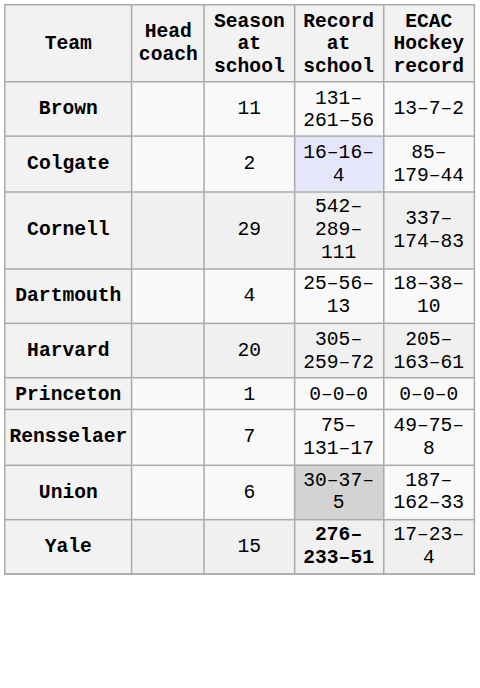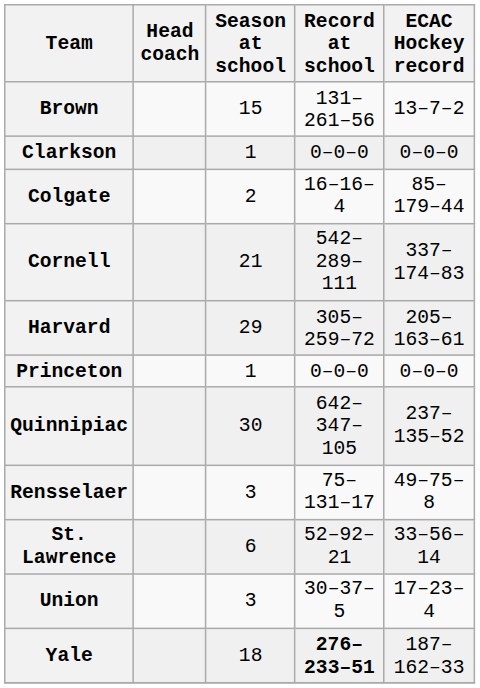 <table class="wikitable sortable" style="text-align: center; "width=50%">
 <tr>
 <th>Team</th>
 <th>Head coach</th>
 <th>Season at school</th>
 <th>Record at school</th>
 <th>ECAC Hockey record</th>
 </tr>
 <tr>
 <th>Brown</th>
 <td></td>
-<td>11</td>
+<td>15</td>
 <td>131–261–56</td>
 <td>13–7–2</td>
+</tr>
+<tr bgcolor=f0f0f0>
+<th>Clarkson</th>
+<td></td>
+<td>1</td>
+<td>0–0–0</td>
+<td>0–0–0</td>
 </tr>
 <tr>
 <th>Colgate</th>
 <td></td>
 <td>2</td>
-<td style="background: lavender;">16–16–4</td>
+<td>16–16–4</td>
 <td>85–179–44</td>
 </tr>
 <tr bgcolor=f0f0f0>
 <th>Cornell</th>
 <td></td>
-<td>29</td>
+<td>21</td>
 <td>542–289–111</td>
 <td>337–174–83</td>
-</tr>
-<tr>
-<th>Dartmouth</th>
-<td></td>
-<td>4</td>
-<td>25–56–13</td>
-<td>18–38–10</td>
 </tr>
 <tr bgcolor=f0f0f0>
 <th>Harvard</th>
 <td></td>
-<td>20</td>
+<td>29</td>
 <td>305–259–72</td>
 <td>205–163–61</td>
 </tr>
 <tr>
 <th>Princeton</th>
 <td></td>
 <td>1</td>
 <td>0–0–0</td>
 <td>0–0–0</td>
 </tr>
+<tr bgcolor=f0f0f0>
+<th>Quinnipiac</th>
+<td></td>
+<td>30</td>
+<td>642–347–105</td>
+<td>237–135–52</td>
+</tr>
 <tr>
 <th>Rensselaer</th>
 <td></td>
-<td>7</td>
+<td>3</td>
 <td>75–131–17</td>
 <td>49–75–8</td>
+</tr>
+<tr bgcolor=f0f0f0>
+<th>St. Lawrence</th>
+<td></td>
+<td>6</td>
+<td>52–92–21</td>
+<td>33–56–14</td>
 </tr>
 <tr>
 <th>Union</th>
 <td></td>
-<td>6</td>
-<td style="background: lightgrey;">30–37–5</td>
-<td>187–162–33</td>
+<td>3</td>
+<td>30–37–5</td>
+<td>17–23–4</td>
 </tr>
 <tr bgcolor=f0f0f0>
 <th>Yale</th>
 <td></td>
-<td>15</td>
+<td>18</td>
 <td><strong>276–233–51</strong></td>
-<td>17–23–4</td>
+<td>187–162–33</td>
 </tr>
 <tr>
 </tr>
 </table>
